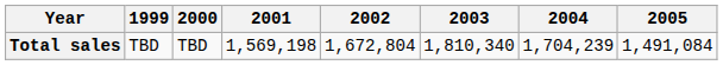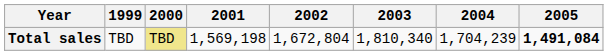 <table class=wikitable>
 <tr>
 <th>Year</th>
 <th>1999</th>
 <th>2000</th>
 <th>2001</th>
 <th>2002</th>
 <th>2003</th>
 <th>2004</th>
 <th>2005</th>
 </tr>
 <tr>
 <th>Total sales</th>
 <td>TBD</td>
-<td>TBD</td>
+<td style="background: khaki;">TBD</td>
 <td>1,569,198</td>
 <td>1,672,804</td>
 <td>1,810,340</td>
 <td>1,704,239</td>
-<td>1,491,084</td>
+<td><strong>1,491,084</strong></td>
 </tr>
 </table>
